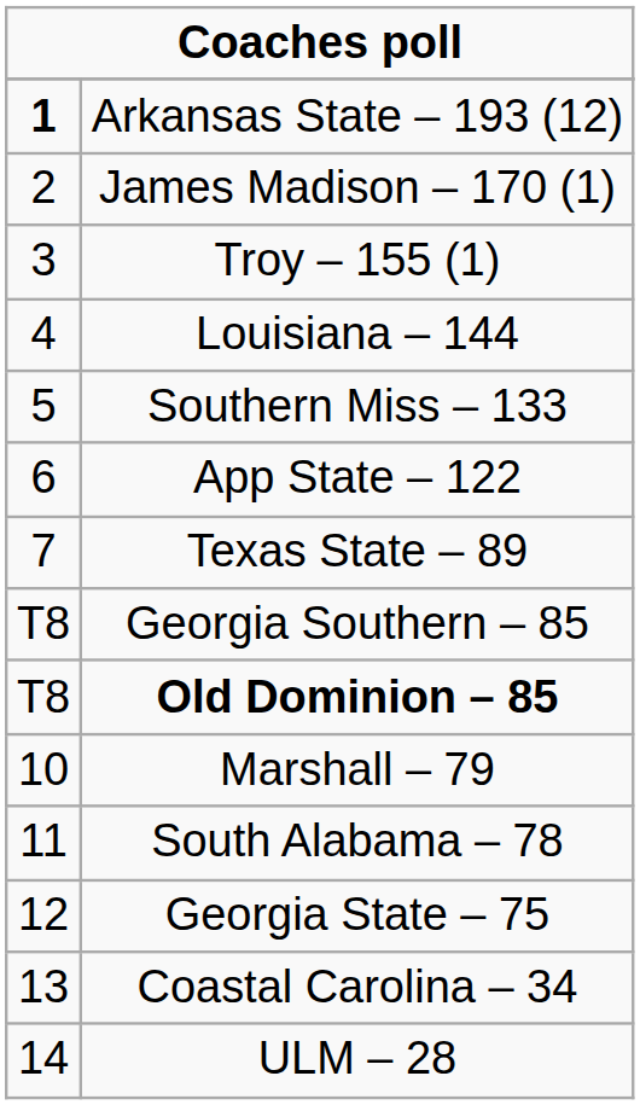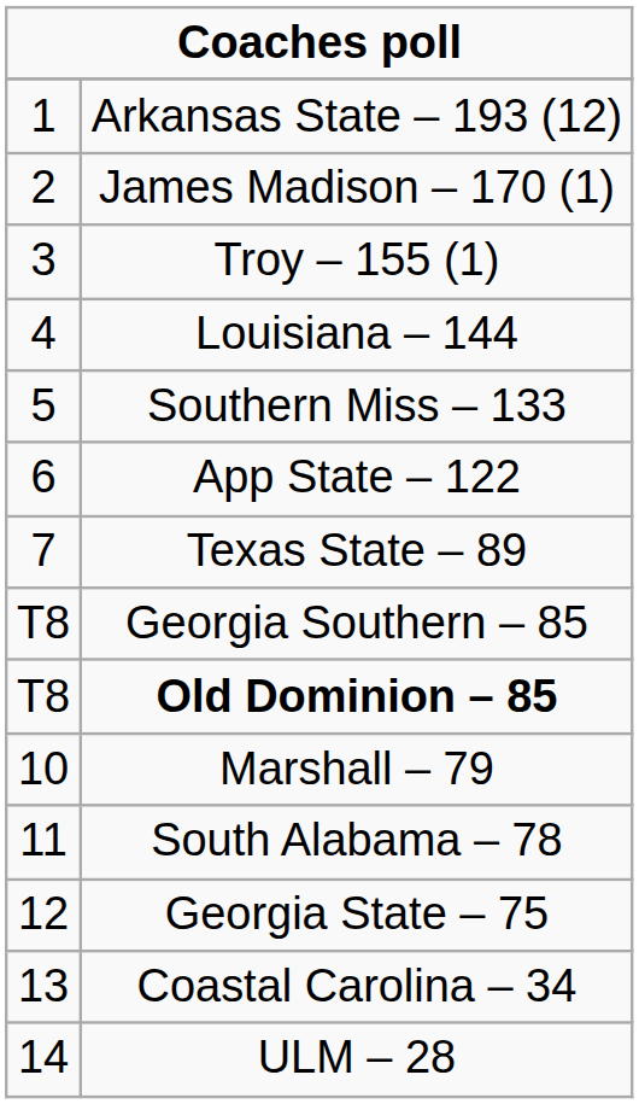 <table class="wikitable" style="display: inline-table;">
 <tr>
 <td align="center" Colspan="3"><strong>Coaches poll</strong></td>
 </tr>
 <tr align="center">
 </tr>
 <tr align="center">
-<td><strong>1</strong></td>
+<td>1</td>
 <td>Arkansas State – 193 (12)</td>
 </tr>
 <tr align="center">
 <td>2</td>
 <td>James Madison – 170 (1)</td>
 </tr>
 <tr align="center">
 <td>3</td>
 <td>Troy – 155 (1)</td>
 </tr>
 <tr align="center">
 <td>4</td>
 <td>Louisiana – 144</td>
 </tr>
 <tr align="center">
 <td>5</td>
 <td>Southern Miss – 133</td>
 </tr>
 <tr align="center">
 <td>6</td>
 <td>App State – 122</td>
 </tr>
 <tr align="center">
 <td>7</td>
 <td>Texas State – 89</td>
 </tr>
 <tr align="center">
 <td>T8</td>
 <td>Georgia Southern – 85</td>
 </tr>
 <tr align="center">
 <td>T8</td>
 <td><strong>Old Dominion – 85</strong></td>
 </tr>
 <tr align="center">
 <td>10</td>
 <td>Marshall – 79</td>
 </tr>
 <tr align="center">
 <td>11</td>
 <td>South Alabama – 78</td>
 </tr>
 <tr align="center">
 <td>12</td>
 <td>Georgia State – 75</td>
 </tr>
 <tr align="center">
 <td>13</td>
 <td>Coastal Carolina – 34</td>
 </tr>
 <tr align="center">
 <td>14</td>
 <td>ULM – 28</td>
 </tr>
 </table>
